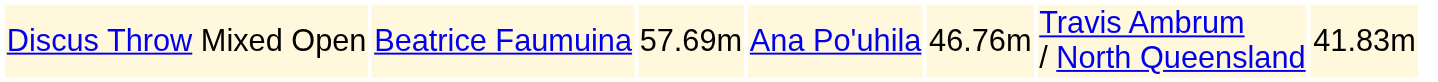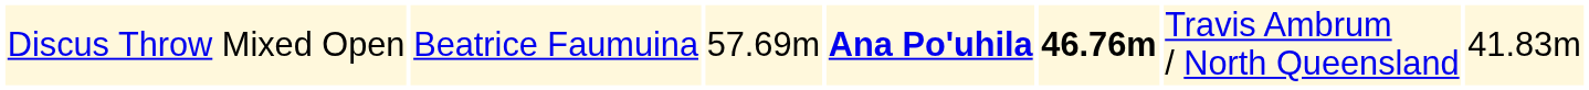 <table>
 <tr>
 </tr>
 <tr style="background-color:CornSilk">
 <td><a href='#'>Discus Throw</a> Mixed Open</td>
 <td align=left><a href='#'>Beatrice Faumuina</a> <br> </td>
 <td>57.69m</td>
-<td align=left><a href='#'>Ana Po'uhila</a> <br> </td>
-<td>46.76m</td>
+<td align=left><strong><a href='#'>Ana Po'uhila</a> <br> </strong></td>
+<td><strong>46.76m</strong></td>
 <td align=left><a href='#'>Travis Ambrum</a> <br> / <a href='#'>North Queensland</a></td>
 <td>41.83m</td>
 </tr>
 </table>
